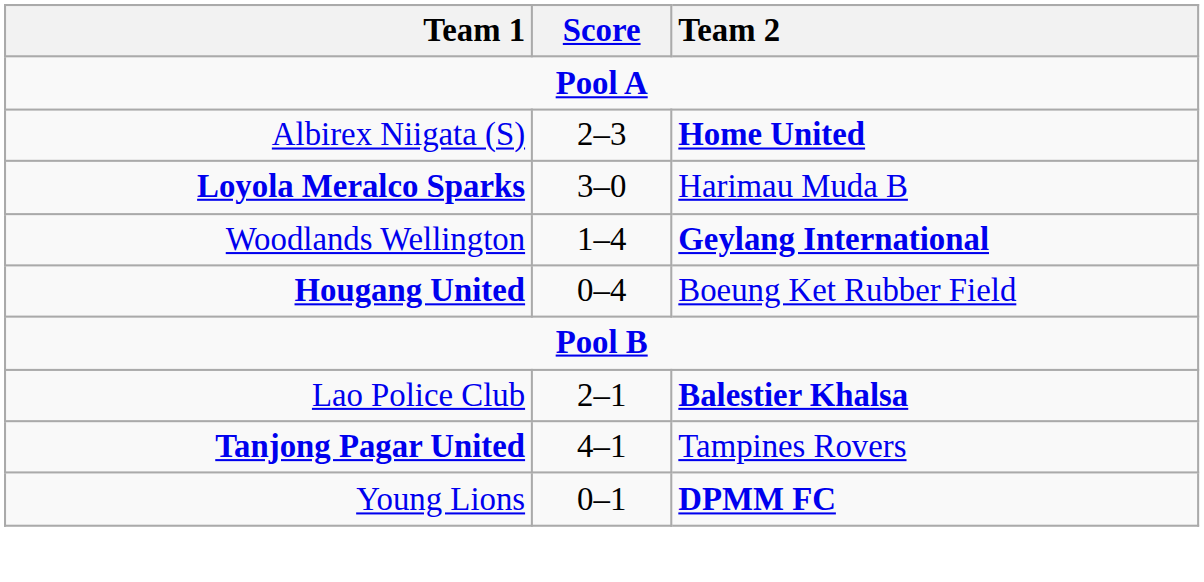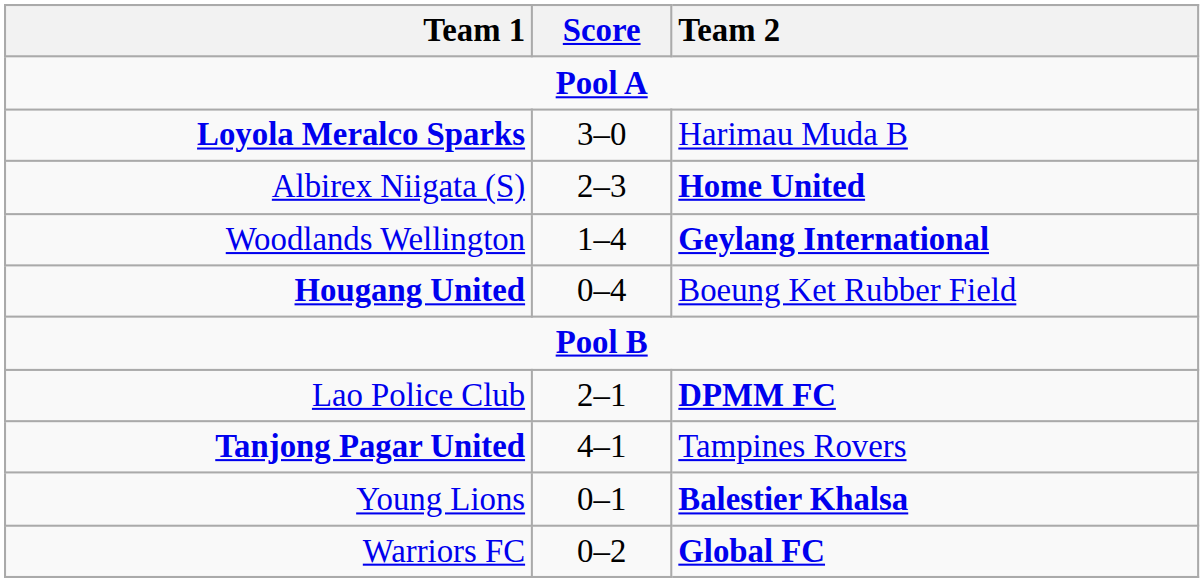 <table class="wikitable" style="align:center">
 <tr>
 <th style="width:250px; text-align:right;">Team 1</th>
 <th style="width:60px; text-align:center;"><a href='#'>Score</a></th>
 <th style="width:250px; text-align:left;">Team 2</th>
 </tr>
 <tr>
 <td colspan="3" style="text-align:center"><strong><a href='#'>Pool A</a></strong></td>
 </tr>
 <tr>
+<td align="right"><strong><a href='#'>Loyola Meralco Sparks</a> </strong></td>
+<td style="text-align:center;">3–0</td>
+<td> <a href='#'>Harimau Muda B</a></td>
+</tr>
+<tr>
 <td align="right"><a href='#'>Albirex Niigata (S)</a> </td>
 <td style="text-align:center;">2–3</td>
 <td><strong><a href='#'>Home United</a></strong></td>
-</tr>
-<tr>
-<td align="right"><strong><a href='#'>Loyola Meralco Sparks</a> </strong></td>
-<td style="text-align:center;">3–0</td>
-<td> <a href='#'>Harimau Muda B</a></td>
 </tr>
 <tr>
 <td align="right"><a href='#'>Woodlands Wellington</a></td>
 <td style="text-align:center;">1–4</td>
 <td><strong><a href='#'>Geylang International</a></strong></td>
 </tr>
 <tr>
 <td align="right"><strong><a href='#'>Hougang United</a></strong></td>
 <td style="text-align:center;">0–4</td>
 <td> <a href='#'>Boeung Ket Rubber Field</a></td>
 </tr>
 <tr>
 <td colspan="3" style="text-align:center"><strong><a href='#'>Pool B</a></strong></td>
 </tr>
 <tr>
 <td align="right"><a href='#'>Lao Police Club</a> </td>
 <td style="text-align:center;">2–1</td>
-<td><strong><a href='#'>Balestier Khalsa</a></strong></td>
+<td><strong> <a href='#'>DPMM FC</a> </strong></td>
 </tr>
 <tr>
 <td align="right"><strong><a href='#'>Tanjong Pagar United</a></strong></td>
 <td style="text-align:center;">4–1</td>
 <td><a href='#'>Tampines Rovers</a></td>
 </tr>
 <tr>
 <td align="right"><a href='#'>Young Lions</a> </td>
 <td style="text-align:center;">0–1</td>
-<td><strong> <a href='#'>DPMM FC</a> </strong></td>
+<td><strong><a href='#'>Balestier Khalsa</a></strong></td>
+</tr>
+<tr>
+<td align="right"><a href='#'>Warriors FC</a></td>
+<td style="text-align:center;">0–2</td>
+<td><strong> <a href='#'>Global FC</a></strong></td>
 </tr>
 </table>
